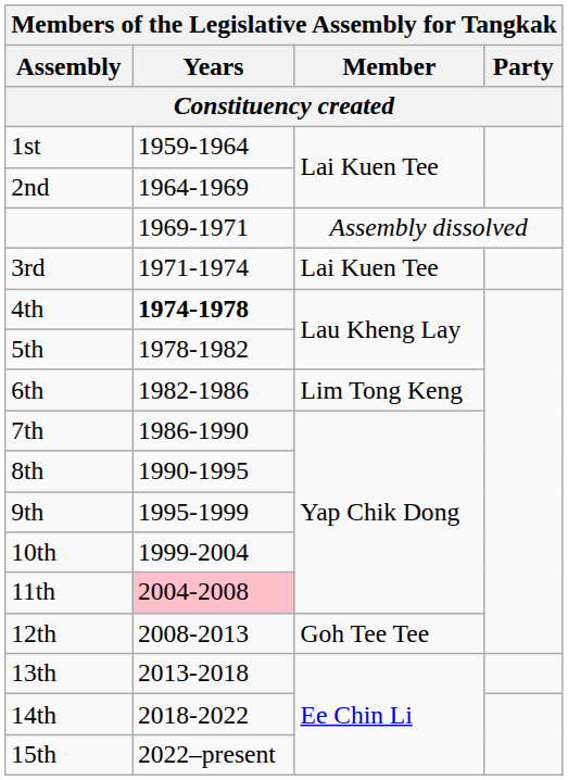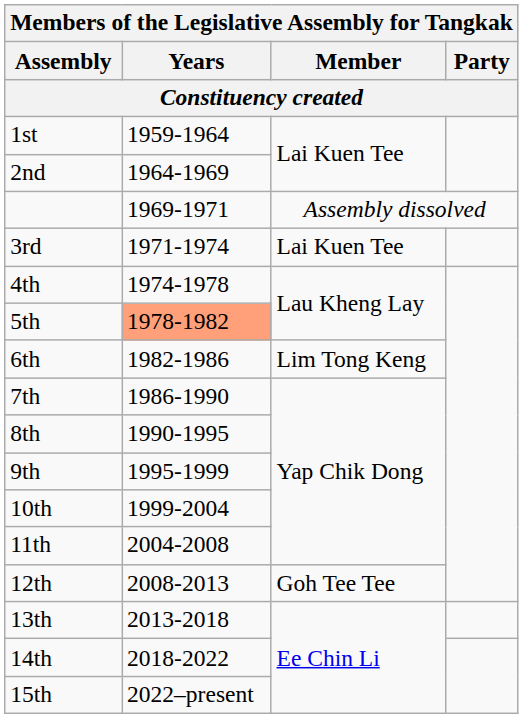 <table class=wikitable>
 <tr>
 <th colspan=4>Members of the Legislative Assembly for Tangkak</th>
 </tr>
 <tr>
 <th>Assembly</th>
 <th>Years</th>
 <th>Member</th>
 <th>Party</th>
 </tr>
 <tr>
 <th colspan=4 align=center><em>Constituency created</em></th>
 </tr>
 <tr>
 <td>1st</td>
 <td>1959-1964</td>
 <td rowspan="2">Lai Kuen Tee</td>
 <td rowspan="2"></td>
 </tr>
 <tr>
 <td>2nd</td>
 <td>1964-1969</td>
 </tr>
 <tr>
 <td></td>
 <td>1969-1971</td>
 <td colspan=2 align=center><em>Assembly dissolved</em></td>
 </tr>
 <tr>
 <td>3rd</td>
 <td>1971-1974</td>
 <td>Lai Kuen Tee</td>
 <td></td>
 </tr>
 <tr>
 <td>4th</td>
-<td><strong>1974-1978</strong></td>
+<td>1974-1978</td>
 <td rowspan="2">Lau Kheng Lay</td>
 <td rowspan="9"></td>
 </tr>
 <tr>
 <td>5th</td>
-<td>1978-1982</td>
+<td style="background: lightsalmon;">1978-1982</td>
 </tr>
 <tr>
 <td>6th</td>
 <td>1982-1986</td>
 <td>Lim Tong Keng</td>
 </tr>
 <tr>
 <td>7th</td>
 <td>1986-1990</td>
 <td rowspan="5">Yap Chik Dong</td>
 </tr>
 <tr>
 <td>8th</td>
 <td>1990-1995</td>
 </tr>
 <tr>
 <td>9th</td>
 <td>1995-1999</td>
 </tr>
 <tr>
 <td>10th</td>
 <td>1999-2004</td>
 </tr>
 <tr>
 <td>11th</td>
-<td style="background: pink;">2004-2008</td>
+<td>2004-2008</td>
 </tr>
 <tr>
 <td>12th</td>
 <td>2008-2013</td>
 <td>Goh Tee Tee</td>
 </tr>
 <tr>
 <td>13th</td>
 <td>2013-2018</td>
 <td rowspan="3"><a href='#'>Ee Chin Li</a></td>
 <td></td>
 </tr>
 <tr>
 <td>14th</td>
 <td>2018-2022</td>
 <td rowspan="2"></td>
 </tr>
 <tr>
 <td>15th</td>
 <td>2022–present</td>
 </tr>
 </table>
